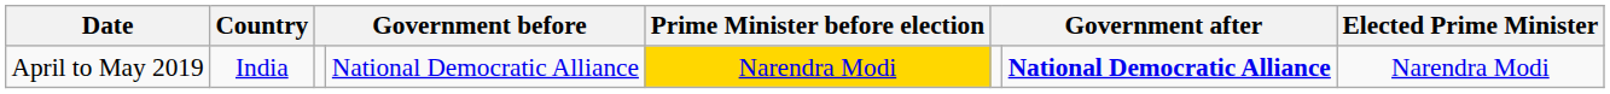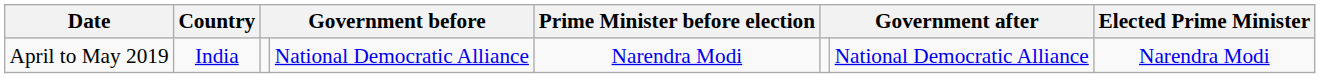 <table class="wikitable">
 <tr>
 <th>Date</th>
 <th>Country</th>
 <th colspan="2">Government before</th>
 <th>Prime Minister before election</th>
 <th Colspan="2">Government after</th>
 <th>Elected Prime Minister</th>
 </tr>
 <tr style="text-align:center;">
 <td>April to May 2019</td>
 <td><a href='#'>India</a></td>
 <td></td>
 <td><a href='#'>National Democratic Alliance</a></td>
-<td style="background: gold;"><a href='#'>Narendra Modi</a></td>
+<td><a href='#'>Narendra Modi</a></td>
 <td></td>
-<td><strong><a href='#'>National Democratic Alliance</a></strong></td>
+<td><a href='#'>National Democratic Alliance</a></td>
 <td><a href='#'>Narendra Modi</a></td>
 </tr>
 </table>
